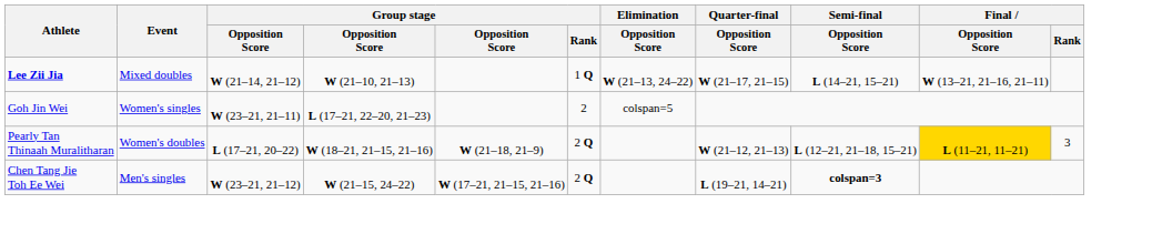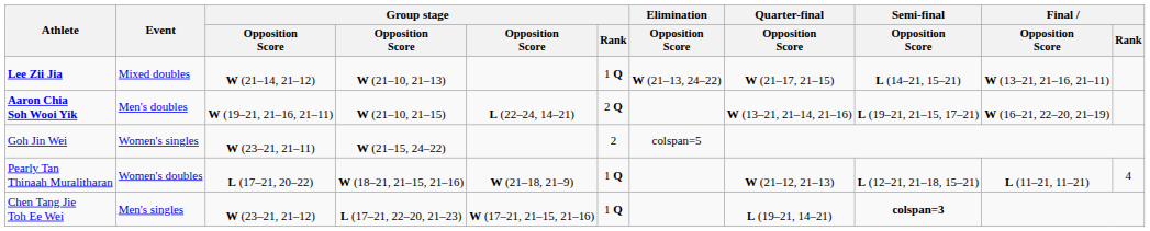 <table class="wikitable" style="font-size:90%">
 <tr>
 <th rowspan="2">Athlete</th>
 <th rowspan="2">Event</th>
 <th colspan="4">Group stage</th>
 <th>Elimination</th>
 <th>Quarter-final</th>
 <th>Semi-final</th>
 <th colspan="2">Final / </th>
 </tr>
 <tr style="font-size:95%">
 <th>Opposition<br>Score</th>
 <th>Opposition<br>Score</th>
 <th>Opposition<br>Score</th>
 <th>Rank</th>
 <th>Opposition<br>Score</th>
 <th>Opposition<br>Score</th>
 <th>Opposition<br>Score</th>
 <th>Opposition<br>Score</th>
 <th>Rank</th>
 </tr>
 <tr align="center">
 <td align="left"><strong><a href='#'>Lee Zii Jia</a></strong></td>
 <td align="left"><a href='#'>Mixed doubles</a></td>
 <td><br><strong>W</strong> (21–14, 21–12)</td>
 <td><br><strong>W</strong> (21–10, 21–13)</td>
 <td></td>
 <td>1 <strong>Q</strong></td>
 <td><br><strong>W</strong> (21–13, 24–22)</td>
 <td><br><strong>W</strong> (21–17, 21–15)</td>
 <td><br><strong>L</strong> (14–21, 15–21)</td>
 <td><br><strong>W</strong> (13–21, 21–16, 21–11)</td>
 <td></td>
 </tr>
 <tr align="center">
+<td align="left"><strong><a href='#'>Aaron Chia</a><br><a href='#'>Soh Wooi Yik</a></strong></td>
+<td align="left"><a href='#'>Men's doubles</a></td>
+<td><br><strong>W</strong> (19–21, 21–16, 21–11)</td>
+<td><br><strong>W</strong> (21–10, 21–15)</td>
+<td><br><strong>L</strong> (22–24, 14–21)</td>
+<td>2 <strong>Q</strong></td>
+<td></td>
+<td><br><strong>W</strong> (13–21, 21–14, 21–16)</td>
+<td><br><strong>L</strong> (19–21, 21–15, 17–21)</td>
+<td><br><strong>W</strong> (16–21, 22–20, 21–19)</td>
+<td></td>
+</tr>
+<tr align="center">
 <td align="left"><a href='#'>Goh Jin Wei</a></td>
 <td align="left"><a href='#'>Women's singles</a></td>
 <td><br><strong>W</strong> (23–21, 21–11)</td>
-<td><br><strong>L</strong> (17–21, 22–20, 21–23)</td>
+<td><br><strong>W</strong> (21–15, 24–22)</td>
 <td></td>
 <td>2</td>
 <td>colspan=5 </td>
 </tr>
 <tr align="center">
 <td align="left"><a href='#'>Pearly Tan</a><br><a href='#'>Thinaah Muralitharan</a></td>
 <td align="left"><a href='#'>Women's doubles</a></td>
 <td><br><strong>L</strong> (17–21, 20–22)</td>
 <td><br><strong>W</strong> (18–21, 21–15, 21–16)</td>
 <td><br><strong>W</strong> (21–18, 21–9)</td>
-<td>2 <strong>Q</strong></td>
+<td>1 <strong>Q</strong></td>
 <td></td>
 <td><br><strong>W</strong> (21–12, 21–13)</td>
 <td><br><strong>L</strong> (12–21, 21–18, 15–21)</td>
-<td style="background: gold;"><br><strong>L</strong> (11–21, 11–21)</td>
-<td>3</td>
+<td><br><strong>L</strong> (11–21, 11–21)</td>
+<td>4</td>
 </tr>
 <tr align="center">
 <td align="left"><a href='#'>Chen Tang Jie</a><br><a href='#'>Toh Ee Wei</a></td>
 <td align="left"><a href='#'>Men's singles</a></td>
 <td><br><strong>W</strong> (23–21, 21–12)</td>
-<td><br><strong>W</strong> (21–15, 24–22)</td>
+<td><br><strong>L</strong> (17–21, 22–20, 21–23)</td>
 <td><br><strong>W</strong> (17–21, 21–15, 21–16)</td>
-<td>2 <strong>Q</strong></td>
+<td>1 <strong>Q</strong></td>
 <td></td>
 <td><br><strong>L</strong> (19–21, 14–21)</td>
 <td><strong>colspan=3 </strong></td>
 </tr>
 </table>
